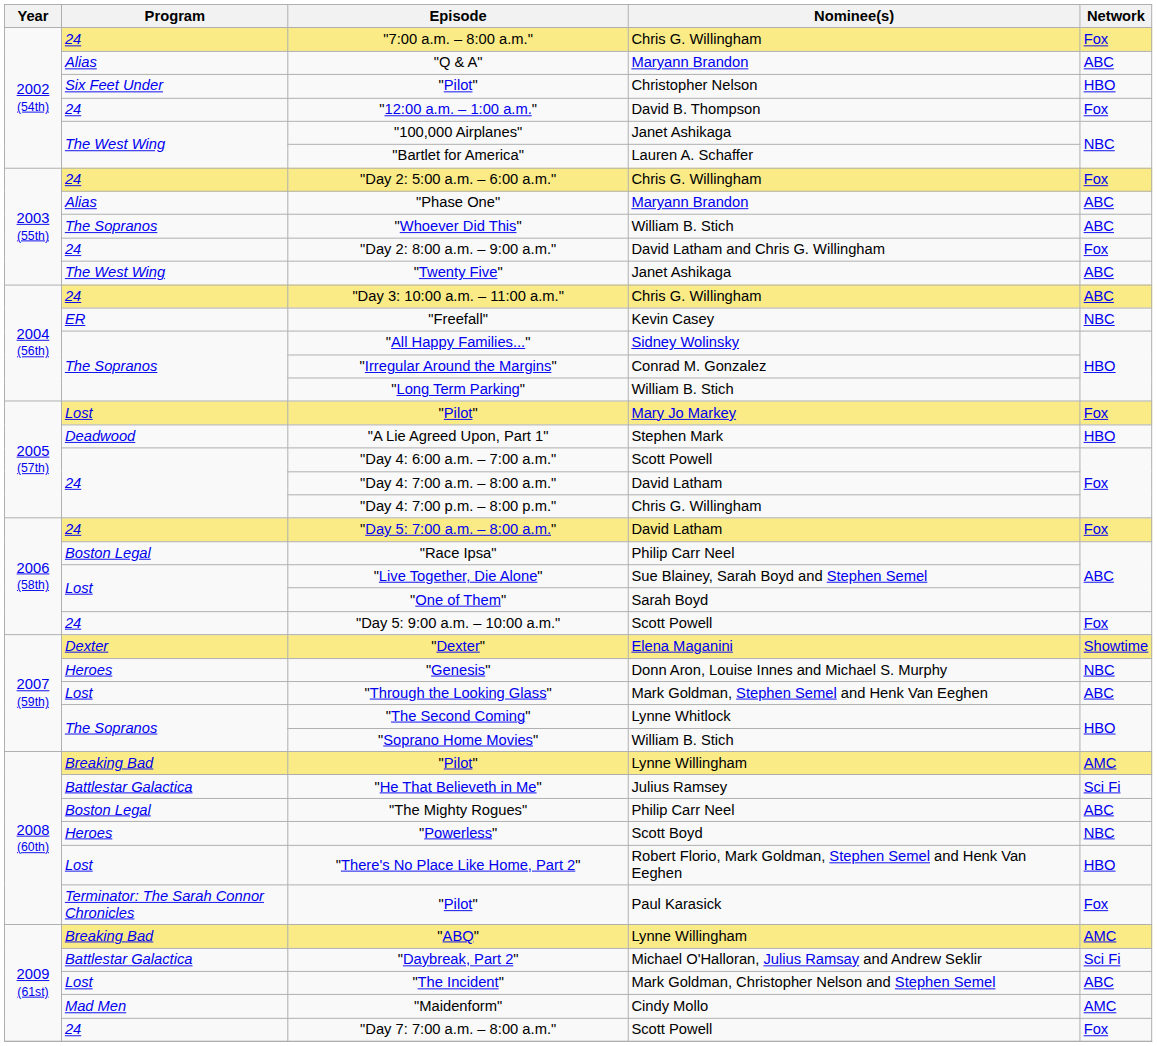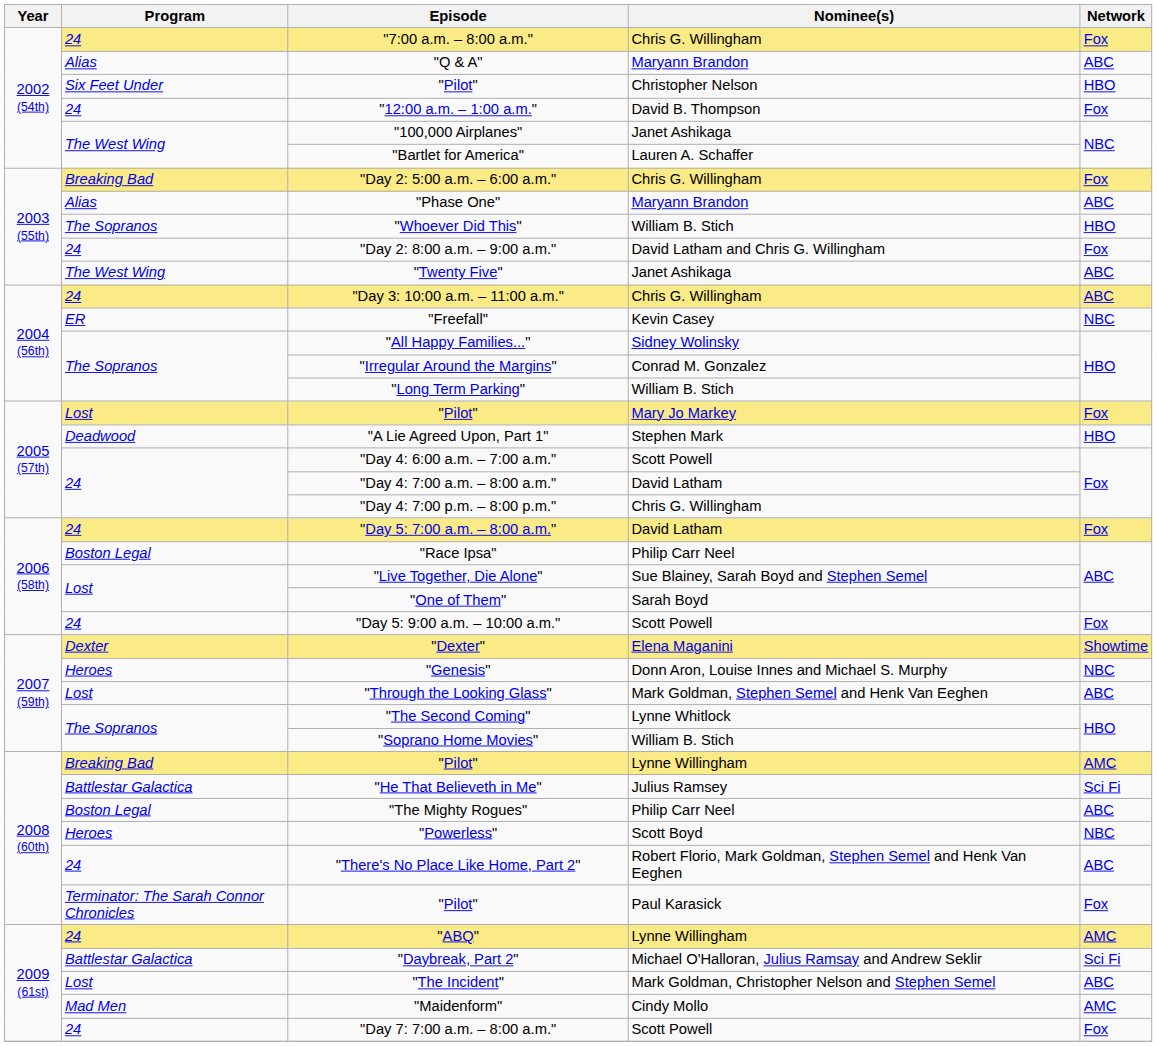 <table class="wikitable">
 <tr>
 <th width="5%">Year</th>
 <th width="20%">Program</th>
 <th width="30%">Episode</th>
 <th width="40%">Nominee(s)</th>
 <th width="5%">Network</th>
 </tr>
 <tr>
 <td rowspan=6 style="text-align:center;"><a href='#'>2002</a><br><small><a href='#'>(54th)</a></small><br></td>
 <td style="background:#FAEB86;"><em><a href='#'>24</a></em></td>
 <td style="background:#FAEB86;" align=center>"7:00 a.m. – 8:00 a.m."</td>
 <td style="background:#FAEB86;">Chris G. Willingham</td>
 <td style="background:#FAEB86;"><a href='#'>Fox</a></td>
 </tr>
 <tr>
 <td><em><a href='#'>Alias</a></em></td>
 <td align=center>"Q & A"</td>
 <td><a href='#'>Maryann Brandon</a></td>
 <td><a href='#'>ABC</a></td>
 </tr>
 <tr>
 <td><em><a href='#'>Six Feet Under</a></em></td>
 <td align=center>"<a href='#'>Pilot</a>"</td>
 <td>Christopher Nelson</td>
 <td><a href='#'>HBO</a></td>
 </tr>
 <tr>
 <td><em><a href='#'>24</a></em></td>
 <td align=center>"<a href='#'>12:00 a.m. – 1:00 a.m.</a>"</td>
 <td>David B. Thompson</td>
 <td><a href='#'>Fox</a></td>
 </tr>
 <tr>
 <td rowspan=2><em><a href='#'>The West Wing</a></em></td>
 <td align=center>"100,000 Airplanes"</td>
 <td>Janet Ashikaga</td>
 <td rowspan=2><a href='#'>NBC</a></td>
 </tr>
 <tr>
 <td align=center>"Bartlet for America"</td>
 <td>Lauren A. Schaffer</td>
 </tr>
 <tr>
 <td rowspan=5 style="text-align:center;"><a href='#'>2003</a><br><small><a href='#'>(55th)</a></small><br></td>
-<td style="background:#FAEB86;"><em><a href='#'>24</a></em></td>
+<td style="background:#FAEB86;"><em><a href='#'>Breaking Bad</a></em></td>
 <td style="background:#FAEB86;" align=center>"Day 2: 5:00 a.m. – 6:00 a.m."</td>
 <td style="background:#FAEB86;">Chris G. Willingham</td>
 <td style="background:#FAEB86;"><a href='#'>Fox</a></td>
 </tr>
 <tr>
 <td><em><a href='#'>Alias</a></em></td>
 <td align=center>"Phase One"</td>
 <td><a href='#'>Maryann Brandon</a></td>
 <td><a href='#'>ABC</a></td>
 </tr>
 <tr>
 <td><em><a href='#'>The Sopranos</a></em></td>
 <td align=center>"<a href='#'>Whoever Did This</a>"</td>
 <td>William B. Stich</td>
-<td><a href='#'>ABC</a></td>
+<td><a href='#'>HBO</a></td>
 </tr>
 <tr>
 <td><em><a href='#'>24</a></em></td>
 <td align=center>"Day 2: 8:00 a.m. – 9:00 a.m."</td>
 <td>David Latham and Chris G. Willingham</td>
 <td><a href='#'>Fox</a></td>
 </tr>
 <tr>
 <td><em><a href='#'>The West Wing</a></em></td>
 <td align=center>"<a href='#'>Twenty Five</a>"</td>
 <td>Janet Ashikaga</td>
 <td><a href='#'>ABC</a></td>
 </tr>
 <tr>
 <td rowspan=5 style="text-align:center;"><a href='#'>2004</a><br><small><a href='#'>(56th)</a></small><br></td>
 <td style="background:#FAEB86;"><em><a href='#'>24</a></em></td>
 <td style="background:#FAEB86;" align=center>"Day 3: 10:00 a.m. – 11:00 a.m."</td>
 <td style="background:#FAEB86;">Chris G. Willingham</td>
 <td style="background:#FAEB86;"><a href='#'>ABC</a></td>
 </tr>
 <tr>
 <td><em><a href='#'>ER</a></em></td>
 <td align=center>"Freefall"</td>
 <td>Kevin Casey</td>
 <td><a href='#'>NBC</a></td>
 </tr>
 <tr>
 <td rowspan=3><em><a href='#'>The Sopranos</a></em></td>
 <td align=center>"<a href='#'>All Happy Families...</a>"</td>
 <td><a href='#'>Sidney Wolinsky</a></td>
 <td rowspan=3><a href='#'>HBO</a></td>
 </tr>
 <tr>
 <td align=center>"<a href='#'>Irregular Around the Margins</a>"</td>
 <td>Conrad M. Gonzalez</td>
 </tr>
 <tr>
 <td align=center>"<a href='#'>Long Term Parking</a>"</td>
 <td>William B. Stich</td>
 </tr>
 <tr>
 <td rowspan=5 style="text-align:center;"><a href='#'>2005</a><br><small><a href='#'>(57th)</a></small><br></td>
 <td style="background:#FAEB86;"><em><a href='#'>Lost</a></em></td>
 <td style="background:#FAEB86;" align=center>"<a href='#'>Pilot</a>"</td>
 <td style="background:#FAEB86;"><a href='#'>Mary Jo Markey</a></td>
 <td style="background:#FAEB86;"><a href='#'>Fox</a></td>
 </tr>
 <tr>
 <td><em><a href='#'>Deadwood</a></em></td>
 <td align=center>"A Lie Agreed Upon, Part 1"</td>
 <td>Stephen Mark</td>
 <td><a href='#'>HBO</a></td>
 </tr>
 <tr>
 <td rowspan=3><em><a href='#'>24</a></em></td>
 <td align=center>"Day 4: 6:00 a.m. – 7:00 a.m."</td>
 <td>Scott Powell</td>
 <td rowspan=3><a href='#'>Fox</a></td>
 </tr>
 <tr>
 <td align=center>"Day 4: 7:00 a.m. – 8:00 a.m."</td>
 <td>David Latham</td>
 </tr>
 <tr>
 <td align=center>"Day 4: 7:00 p.m. – 8:00 p.m."</td>
 <td>Chris G. Willingham</td>
 </tr>
 <tr>
 <td rowspan=5 style="text-align:center;"><a href='#'>2006</a><br><small><a href='#'>(58th)</a></small><br></td>
 <td style="background:#FAEB86;"><em><a href='#'>24</a></em></td>
 <td style="background:#FAEB86;" align=center>"<a href='#'>Day 5: 7:00 a.m. – 8:00 a.m.</a>"</td>
 <td style="background:#FAEB86;">David Latham</td>
 <td style="background:#FAEB86;"><a href='#'>Fox</a></td>
 </tr>
 <tr>
 <td><em><a href='#'>Boston Legal</a></em></td>
 <td align=center>"Race Ipsa"</td>
 <td>Philip Carr Neel</td>
 <td rowspan=3><a href='#'>ABC</a></td>
 </tr>
 <tr>
 <td rowspan=2><em><a href='#'>Lost</a></em></td>
 <td align=center>"<a href='#'>Live Together, Die Alone</a>"</td>
 <td>Sue Blainey, Sarah Boyd and <a href='#'>Stephen Semel</a></td>
 </tr>
 <tr>
 <td align=center>"<a href='#'>One of Them</a>"</td>
 <td>Sarah Boyd</td>
 </tr>
 <tr>
 <td><em><a href='#'>24</a></em></td>
 <td align=center>"Day 5: 9:00 a.m. – 10:00 a.m."</td>
 <td>Scott Powell</td>
 <td><a href='#'>Fox</a></td>
 </tr>
 <tr>
 <td rowspan=5 style="text-align:center;"><a href='#'>2007</a><br><small><a href='#'>(59th)</a></small><br></td>
 <td style="background:#FAEB86;"><em><a href='#'>Dexter</a></em></td>
 <td style="background:#FAEB86;" align=center>"<a href='#'>Dexter</a>"</td>
 <td style="background:#FAEB86;"><a href='#'>Elena Maganini</a></td>
 <td style="background:#FAEB86;"><a href='#'>Showtime</a></td>
 </tr>
 <tr>
 <td><em><a href='#'>Heroes</a></em></td>
 <td align=center>"<a href='#'>Genesis</a>"</td>
 <td>Donn Aron, Louise Innes and Michael S. Murphy</td>
 <td><a href='#'>NBC</a></td>
 </tr>
 <tr>
 <td><em><a href='#'>Lost</a></em></td>
 <td align=center>"<a href='#'>Through the Looking Glass</a>"</td>
 <td>Mark Goldman, <a href='#'>Stephen Semel</a> and Henk Van Eeghen</td>
 <td><a href='#'>ABC</a></td>
 </tr>
 <tr>
 <td rowspan=2><em><a href='#'>The Sopranos</a></em></td>
 <td align=center>"<a href='#'>The Second Coming</a>"</td>
 <td>Lynne Whitlock</td>
 <td rowspan=2><a href='#'>HBO</a></td>
 </tr>
 <tr>
 <td align=center>"<a href='#'>Soprano Home Movies</a>"</td>
 <td>William B. Stich</td>
 </tr>
 <tr>
 <td rowspan=6 style="text-align:center;"><a href='#'>2008</a><br><small><a href='#'>(60th)</a></small><br></td>
 <td style="background:#FAEB86;"><em><a href='#'>Breaking Bad</a></em></td>
 <td style="background:#FAEB86;" align=center>"<a href='#'>Pilot</a>"</td>
 <td style="background:#FAEB86;">Lynne Willingham</td>
 <td style="background:#FAEB86;"><a href='#'>AMC</a></td>
 </tr>
 <tr>
 <td><em><a href='#'>Battlestar Galactica</a></em></td>
 <td align=center>"<a href='#'>He That Believeth in Me</a>"</td>
 <td>Julius Ramsey</td>
 <td><a href='#'>Sci Fi</a></td>
 </tr>
 <tr>
 <td><em><a href='#'>Boston Legal</a></em></td>
 <td align=center>"The Mighty Rogues"</td>
 <td>Philip Carr Neel</td>
 <td><a href='#'>ABC</a></td>
 </tr>
 <tr>
 <td><em><a href='#'>Heroes</a></em></td>
 <td align=center>"<a href='#'>Powerless</a>"</td>
 <td>Scott Boyd</td>
 <td><a href='#'>NBC</a></td>
 </tr>
 <tr>
-<td><em><a href='#'>Lost</a></em></td>
+<td><em><a href='#'>24</a></em></td>
 <td align=center>"<a href='#'>There's No Place Like Home, Part 2</a>"</td>
 <td>Robert Florio, Mark Goldman, <a href='#'>Stephen Semel</a> and Henk Van Eeghen</td>
-<td><a href='#'>HBO</a></td>
+<td><a href='#'>ABC</a></td>
 </tr>
 <tr>
 <td><em><a href='#'>Terminator: The Sarah Connor Chronicles</a></em></td>
 <td align=center>"<a href='#'>Pilot</a>"</td>
 <td>Paul Karasick</td>
 <td><a href='#'>Fox</a></td>
 </tr>
 <tr>
 <td rowspan=5 style="text-align:center;"><a href='#'>2009</a><br><small><a href='#'>(61st)</a></small><br></td>
-<td style="background:#FAEB86;"><em><a href='#'>Breaking Bad</a></em></td>
+<td style="background:#FAEB86;"><em><a href='#'>24</a></em></td>
 <td style="background:#FAEB86;" align=center>"<a href='#'>ABQ</a>"</td>
 <td style="background:#FAEB86;">Lynne Willingham</td>
 <td style="background:#FAEB86;"><a href='#'>AMC</a></td>
 </tr>
 <tr>
 <td><em><a href='#'>Battlestar Galactica</a></em></td>
 <td align=center>"<a href='#'>Daybreak, Part 2</a>"</td>
 <td>Michael O'Halloran, <a href='#'>Julius Ramsay</a> and Andrew Seklir</td>
 <td><a href='#'>Sci Fi</a></td>
 </tr>
 <tr>
 <td><em><a href='#'>Lost</a></em></td>
 <td align=center>"<a href='#'>The Incident</a>"</td>
 <td>Mark Goldman, Christopher Nelson and <a href='#'>Stephen Semel</a></td>
 <td><a href='#'>ABC</a></td>
 </tr>
 <tr>
 <td><em><a href='#'>Mad Men</a></em></td>
 <td align=center>"Maidenform"</td>
 <td>Cindy Mollo</td>
 <td><a href='#'>AMC</a></td>
 </tr>
 <tr>
 <td><em><a href='#'>24</a></em></td>
 <td align=center>"Day 7: 7:00 a.m. – 8:00 a.m."</td>
 <td>Scott Powell</td>
 <td><a href='#'>Fox</a></td>
 </tr>
 <tr>
 </tr>
 </table>
